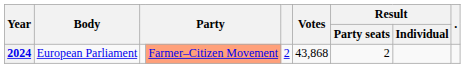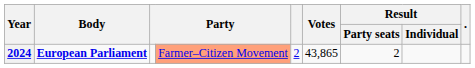 <table class="wikitable plainrowheaders sortable" border=2 cellpadding=4 cellspacing=0 style="border: 1px #aaa solid; font-size: 90%; text-align:center;">
 <tr>
 <th scope="col" rowspan=2>Year</th>
 <th scope="col" rowspan=2>Body</th>
 <th scope="col" colspan=2 rowspan=2>Party</th>
 <th scope="col" rowspan=2></th>
 <th scope="col" rowspan=2>Votes</th>
 <th scope="colgroup" colspan=2>Result</th>
 <th scope="col" rowspan=2>.</th>
 </tr>
 <tr>
 <th scope="col">Party seats</th>
 <th scope="col">Individual</th>
 </tr>
 <tr>
 <th scope="row"><a href='#'>2024</a></th>
-<td><a href='#'>European Parliament</a></td>
+<td><strong><a href='#'>European Parliament</a></strong></td>
 <td style="background-color:"></td>
 <td style="background: lightsalmon;"><a href='#'>Farmer–Citizen Movement</a></td>
 <td style=text-align:right><a href='#'>2</a></td>
-<td style=text-align:right>43,868</td>
+<td style=text-align:right>43,865</td>
 <td style=text-align:right>2</td>
 <td></td>
 <td></td>
 </tr>
 </table>
